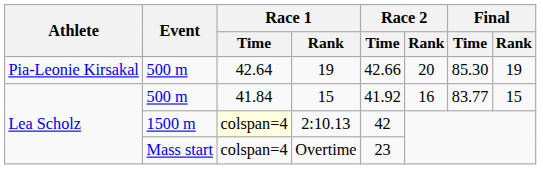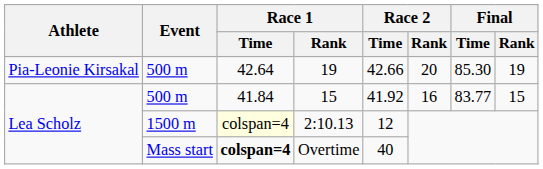 <table class="wikitable" style="font-size:90%">
 <tr>
 <th rowspan=2>Athlete</th>
 <th rowspan=2>Event</th>
 <th colspan=2>Race 1</th>
 <th colspan=2>Race 2</th>
 <th colspan=2>Final</th>
 </tr>
 <tr style="font-size:95%">
 <th>Time</th>
 <th>Rank</th>
 <th>Time</th>
 <th>Rank</th>
 <th>Time</th>
 <th>Rank</th>
 </tr>
 <tr align=center>
 <td align=left><a href='#'>Pia-Leonie Kirsakal</a></td>
 <td align=left><a href='#'>500 m</a></td>
 <td>42.64</td>
 <td>19</td>
 <td>42.66</td>
 <td>20</td>
 <td>85.30</td>
 <td>19</td>
 </tr>
 <tr align=center>
 <td align=left rowspan=3><a href='#'>Lea Scholz</a></td>
 <td align=left><a href='#'>500 m</a></td>
 <td>41.84</td>
 <td>15</td>
 <td>41.92</td>
 <td>16</td>
 <td>83.77</td>
 <td>15</td>
 </tr>
 <tr align=center>
 <td align=left><a href='#'>1500 m</a></td>
 <td style="background: lightyellow;">colspan=4 </td>
 <td>2:10.13</td>
-<td>42</td>
+<td>12</td>
 </tr>
 <tr align=center>
 <td align=left><a href='#'>Mass start</a></td>
-<td>colspan=4 </td>
+<td><strong>colspan=4 </strong></td>
 <td>Overtime</td>
-<td>23</td>
+<td>40</td>
 </tr>
 </table>
